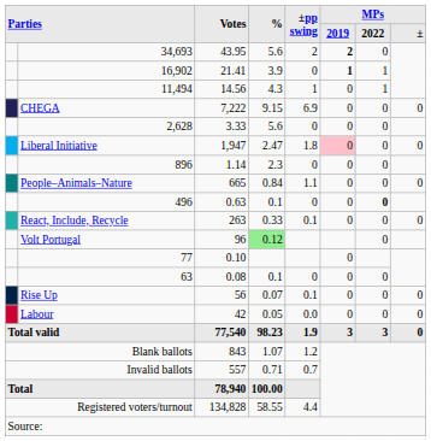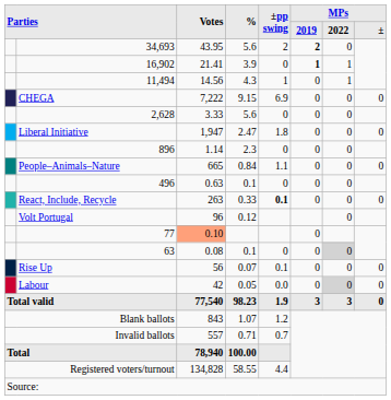 <table class="wikitable" style="text-align:right; font-size:95%;">
 <tr>
 <th rowspan="2" colspan="2" style="background:#e9e9e9; text-align:left;" alignleft><a href='#'>Parties</a></th>
 <th rowspan="2" style="background:#e9e9e9; text-align:right;">Votes</th>
 <th rowspan="2" style="background:#e9e9e9; text-align:right;">%</th>
 <th rowspan="2" style="background:#e9e9e9; text-align:right;">±<a href='#'>pp</a> <a href='#'>swing</a></th>
 <th colspan="3" style="background:#e9e9e9; text-align:center;"><a href='#'>MPs</a></th>
 </tr>
 <tr style="background-color:#E9E9E9">
 <th style="background-color:#E9E9E9;text-align:center;"><a href='#'>2019</a></th>
 <th style="background-color:#E9E9E9;text-align:center;">2022</th>
 <th style="background:#e9e9e9; text-align:right;">±</th>
 </tr>
 <tr>
 <td></td>
 <td>34,693</td>
 <td>43.95</td>
 <td>5.6</td>
 <td>2</td>
 <td><strong>2</strong></td>
 <td>0</td>
 </tr>
 <tr>
 <td></td>
 <td>16,902</td>
 <td>21.41</td>
 <td>3.9</td>
 <td>0</td>
 <td><strong>1</strong></td>
 <td>1</td>
 </tr>
 <tr>
 <td></td>
 <td>11,494</td>
 <td>14.56</td>
 <td>4.3</td>
 <td>1</td>
 <td>0</td>
 <td>1</td>
 </tr>
 <tr>
 <td style="width: 10px" bgcolor="#202056" align="center"></td>
 <td align="left"><a href='#'>CHEGA</a></td>
 <td>7,222</td>
 <td>9.15</td>
 <td>6.9</td>
 <td>0</td>
 <td>0</td>
 <td>0</td>
 </tr>
 <tr>
 <td></td>
 <td>2,628</td>
 <td>3.33</td>
 <td>5.6</td>
 <td>0</td>
 <td>0</td>
 <td>0</td>
 </tr>
 <tr>
 <td style="width: 10px" bgcolor="#00ADEF" align="center"></td>
 <td align="left"><a href='#'>Liberal Initiative</a></td>
 <td>1,947</td>
 <td>2.47</td>
 <td>1.8</td>
-<td style="background: pink;">0</td>
+<td>0</td>
 <td>0</td>
 <td>0</td>
 </tr>
 <tr>
 <td></td>
 <td>896</td>
 <td>1.14</td>
 <td>2.3</td>
 <td>0</td>
 <td>0</td>
 <td>0</td>
 </tr>
 <tr>
 <td style="width: 10px" bgcolor="teal" align="center"></td>
 <td align="left"><a href='#'>People–Animals–Nature</a></td>
 <td>665</td>
 <td>0.84</td>
 <td>1.1</td>
 <td>0</td>
 <td>0</td>
 <td>0</td>
 </tr>
 <tr>
 <td></td>
 <td>496</td>
 <td>0.63</td>
 <td>0.1</td>
 <td>0</td>
 <td>0</td>
-<td><strong>0</strong></td>
+<td>0</td>
 </tr>
 <tr>
 <td style="width: 10px" bgcolor="LightSeaGreen" align="center"></td>
 <td align="left"><a href='#'>React, Include, Recycle</a></td>
 <td>263</td>
 <td>0.33</td>
-<td>0.1</td>
+<td><strong>0.1</strong></td>
 <td>0</td>
 <td>0</td>
 <td>0</td>
 </tr>
 <tr>
 <td style="width: 10px"></td>
 <td align="left"><a href='#'>Volt Portugal</a></td>
 <td>96</td>
-<td style="background: lightgreen;">0.12</td>
+<td>0.12</td>
 <td></td>
 <td></td>
 <td>0</td>
 <td></td>
 </tr>
 <tr>
 <td></td>
 <td>77</td>
-<td>0.10</td>
+<td style="background: lightsalmon;">0.10</td>
 <td></td>
 <td></td>
 <td>0</td>
 <td></td>
 </tr>
 <tr>
 <td></td>
 <td>63</td>
 <td>0.08</td>
 <td>0.1</td>
 <td>0</td>
 <td>0</td>
-<td>0</td>
+<td style="background: lightgrey;">0</td>
 </tr>
 <tr>
 <td style="width: 10px" bgcolor="#002147" align="center"></td>
 <td align="left"><a href='#'>Rise Up</a></td>
 <td>56</td>
 <td>0.07</td>
 <td>0.1</td>
 <td>0</td>
 <td>0</td>
 <td>0</td>
 </tr>
 <tr>
 <td style="width: 10px" bgcolor="#CC0033" align="center"></td>
 <td align="left"><a href='#'>Labour</a></td>
 <td>42</td>
 <td>0.05</td>
 <td>0.0</td>
 <td>0</td>
-<td>0</td>
+<td style="background: lightgrey;">0</td>
 <td>0</td>
 </tr>
 <tr>
 <td colspan=2 width="247" align=left style="background-color:#E9E9E9"><strong>Total valid</strong></td>
 <td width="65" align="right" style="background-color:#E9E9E9"><strong>77,540</strong></td>
 <td width="40" align="right" style="background-color:#E9E9E9"><strong>98.23</strong></td>
 <td width="40" align="right" style="background-color:#E9E9E9"><strong>1.9</strong></td>
 <td width="40" align="right" style="background-color:#E9E9E9"><strong>3</strong></td>
 <td width="40" align="right" style="background-color:#E9E9E9"><strong>3</strong></td>
 <td width="40" align="right" style="background-color:#E9E9E9"><strong>0</strong></td>
 </tr>
 <tr>
 <td colspan=2>Blank ballots</td>
 <td>843</td>
 <td>1.07</td>
 <td>1.2</td>
 <td colspan=4 rowspan=4></td>
 </tr>
 <tr>
 <td colspan=2>Invalid ballots</td>
 <td>557</td>
 <td>0.71</td>
 <td>0.7</td>
 </tr>
 <tr>
 <td colspan=2 align=left style="background-color:#E9E9E9"><strong>Total</strong></td>
 <td width="50" align="right" style="background-color:#E9E9E9"><strong>78,940</strong></td>
 <td width="40" align="right" style="background-color:#E9E9E9"><strong>100.00</strong></td>
 <td width="40" align="right" style="background-color:#E9E9E9"></td>
 </tr>
 <tr>
 <td colspan=2>Registered voters/turnout</td>
 <td>134,828</td>
 <td>58.55</td>
 <td>4.4</td>
 </tr>
 <tr>
 <td colspan=11 align=left>Source: </td>
 </tr>
 </table>
